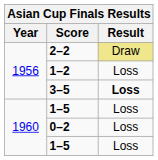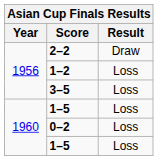 <table class="wikitable" style="text-align: center;font-size:90%;">
 <tr>
 <th colspan=4>Asian Cup Finals Results</th>
 </tr>
 <tr>
 <th>Year</th>
 <th>Score</th>
 <th>Result</th>
 </tr>
 <tr>
 <td rowspan=3><a href='#'>1956</a></td>
 <td align="left"> <strong>2–2</strong> </td>
-<td style="background: khaki;">Draw</td>
+<td>Draw</td>
 </tr>
 <tr>
 <td align="left"> <strong>1–2</strong> </td>
 <td>Loss</td>
 </tr>
 <tr>
 <td align="left"> <strong>3–5</strong> </td>
-<td><strong>Loss</strong></td>
+<td>Loss</td>
 </tr>
 <tr>
 <td rowspan=3><a href='#'>1960</a></td>
 <td align="left"> <strong>1–5</strong> </td>
 <td>Loss</td>
 </tr>
 <tr>
 <td align="left"> <strong>0–2</strong> </td>
 <td>Loss</td>
 </tr>
 <tr>
 <td align="left"> <strong>1–5</strong> </td>
 <td>Loss</td>
 </tr>
 </table>
